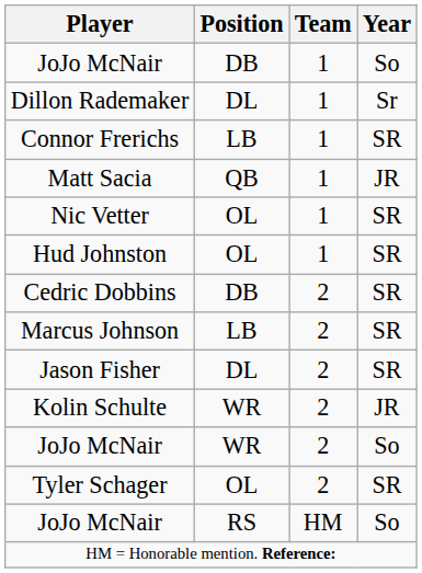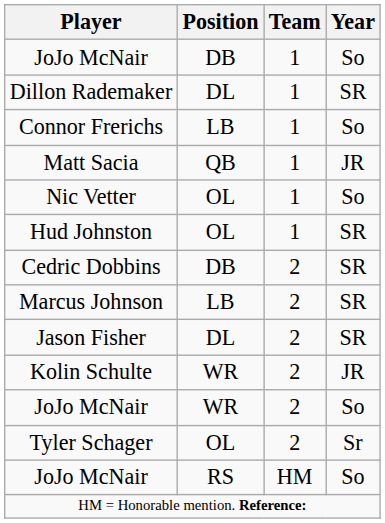 <table class="wikitable sortable sortable" style="text-align: center">
 <tr align=center>
 <th>Player</th>
 <th>Position</th>
 <th>Team</th>
 <th>Year</th>
 </tr>
 <tr>
 <td>JoJo McNair</td>
 <td>DB</td>
 <td>1</td>
 <td>So</td>
 </tr>
 <tr>
 <td>Dillon Rademaker</td>
 <td>DL</td>
 <td>1</td>
-<td>Sr</td>
+<td>SR</td>
 </tr>
 <tr>
 <td>Connor Frerichs</td>
 <td>LB</td>
 <td>1</td>
-<td>SR</td>
+<td>So</td>
 </tr>
 <tr>
 <td>Matt Sacia</td>
 <td>QB</td>
 <td>1</td>
 <td>JR</td>
 </tr>
 <tr>
 <td>Nic Vetter</td>
 <td>OL</td>
 <td>1</td>
-<td>SR</td>
+<td>So</td>
 </tr>
 <tr>
 <td>Hud Johnston</td>
 <td>OL</td>
 <td>1</td>
 <td>SR</td>
 </tr>
 <tr>
 <td>Cedric Dobbins</td>
 <td>DB</td>
 <td>2</td>
 <td>SR</td>
 </tr>
 <tr>
 <td>Marcus Johnson</td>
 <td>LB</td>
 <td>2</td>
 <td>SR</td>
 </tr>
 <tr>
 <td>Jason Fisher</td>
 <td>DL</td>
 <td>2</td>
 <td>SR</td>
 </tr>
 <tr>
 <td>Kolin Schulte</td>
 <td>WR</td>
 <td>2</td>
 <td>JR</td>
 </tr>
 <tr>
 <td>JoJo McNair</td>
 <td>WR</td>
 <td>2</td>
 <td>So</td>
 </tr>
 <tr>
 <td>Tyler Schager</td>
 <td>OL</td>
 <td>2</td>
-<td>SR</td>
+<td>Sr</td>
 </tr>
 <tr>
 <td>JoJo McNair</td>
 <td>RS</td>
 <td>HM</td>
 <td>So</td>
 </tr>
 <tr class="sortbottom">
 <td colspan="4"  style="font-size:8pt; text-align:center;">HM = Honorable mention. <strong>Reference:</strong></td>
 </tr>
 </table>
